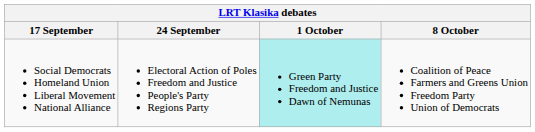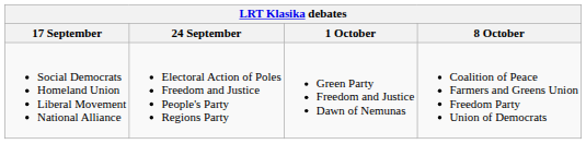 <table class="wikitable">
 <tr>
 <th colspan=4 align=center><a href='#'>LRT Klasika</a> debates</th>
 </tr>
 <tr>
 <th>17 September</th>
 <th>24 September</th>
 <th>1 October</th>
 <th>8 October</th>
 </tr>
 <tr>
 <td><br><ul><li>Social Democrats</li><li>Homeland Union</li><li>Liberal Movement</li><li>National Alliance</li></ul></td>
 <td><br><ul><li>Electoral Action of Poles</li><li>Freedom and Justice</li><li>People's Party</li><li>Regions Party</li></ul></td>
-<td style="background: paleturquoise;"><br><ul><li>Green Party</li><li>Freedom and Justice</li><li>Dawn of Nemunas</li></ul></td>
+<td><br><ul><li>Green Party</li><li>Freedom and Justice</li><li>Dawn of Nemunas</li></ul></td>
 <td><br><ul><li>Coalition of Peace</li><li>Farmers and Greens Union</li><li>Freedom Party</li><li>Union of Democrats</li></ul></td>
 </tr>
 </table>
